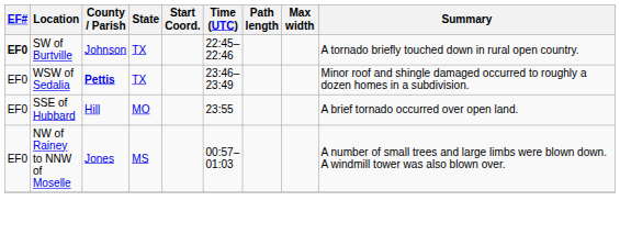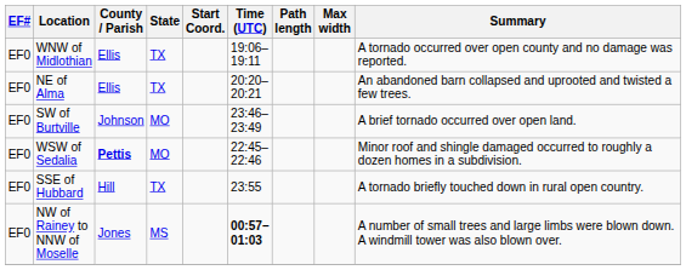 <table class="wikitable sortable" style="width:100%;">
 <tr>
 <th scope="col"  style="width:3%; text-align:center;"><a href='#'>EF#</a></th>
 <th scope="col"  style="width:7%; text-align:center;" class="unsortable">Location</th>
 <th scope="col"  style="width:6%; text-align:center;" class="unsortable">County / Parish</th>
 <th scope="col"  style="width:5%; text-align:center;">State</th>
 <th scope="col"  style="width:6%; text-align:center;">Start Coord.</th>
 <th scope="col"  style="width:6%; text-align:center;">Time (<a href='#'>UTC</a>)</th>
 <th scope="col"  style="width:6%; text-align:center;">Path length</th>
 <th scope="col"  style="width:6%; text-align:center;">Max width</th>
 <th scope="col" class="unsortable" style="width:48%; text-align:center;">Summary</th>
 </tr>
 <tr>
-<td><strong>EF0</strong></td>
+<td>EF0</td>
+<td>WNW of <a href='#'>Midlothian</a></td>
+<td><a href='#'>Ellis</a></td>
+<td><a href='#'>TX</a></td>
+<td></td>
+<td>19:06–19:11</td>
+<td></td>
+<td></td>
+<td>A tornado occurred over open county and no damage was reported.</td>
+</tr>
+<tr>
+<td>EF0</td>
+<td>NE of <a href='#'>Alma</a></td>
+<td><a href='#'>Ellis</a></td>
+<td><a href='#'>TX</a></td>
+<td></td>
+<td>20:20–20:21</td>
+<td></td>
+<td></td>
+<td>An abandoned barn collapsed and uprooted and twisted a few trees.</td>
+</tr>
+<tr>
+<td>EF0</td>
 <td>SW of <a href='#'>Burtville</a></td>
 <td><a href='#'>Johnson</a></td>
-<td><a href='#'>TX</a></td>
+<td><a href='#'>MO</a></td>
 <td></td>
-<td>22:45–22:46</td>
+<td>23:46–23:49</td>
 <td></td>
 <td></td>
-<td>A tornado briefly touched down in rural open country.</td>
+<td>A brief tornado occurred over open land.</td>
 </tr>
 <tr>
 <td>EF0</td>
 <td>WSW of <a href='#'>Sedalia</a></td>
 <td><strong><a href='#'>Pettis</a></strong></td>
-<td><a href='#'>TX</a></td>
+<td><a href='#'>MO</a></td>
 <td></td>
-<td>23:46–23:49</td>
+<td>22:45–22:46</td>
 <td></td>
 <td></td>
 <td>Minor roof and shingle damaged occurred to roughly a dozen homes in a subdivision.</td>
 </tr>
 <tr>
 <td>EF0</td>
 <td>SSE of <a href='#'>Hubbard</a></td>
 <td><a href='#'>Hill</a></td>
-<td><a href='#'>MO</a></td>
+<td><a href='#'>TX</a></td>
 <td></td>
 <td>23:55</td>
 <td></td>
 <td></td>
-<td>A brief tornado occurred over open land.</td>
+<td>A tornado briefly touched down in rural open country.</td>
 </tr>
 <tr>
 <td>EF0</td>
 <td>NW of <a href='#'>Rainey</a> to NNW of <a href='#'>Moselle</a></td>
 <td><a href='#'>Jones</a></td>
 <td><a href='#'>MS</a></td>
 <td></td>
-<td>00:57–01:03</td>
+<td><strong>00:57–01:03</strong></td>
 <td></td>
 <td></td>
 <td>A number of small trees and large limbs were blown down. A windmill tower was also blown over.</td>
 </tr>
 <tr>
 </tr>
 </table>
